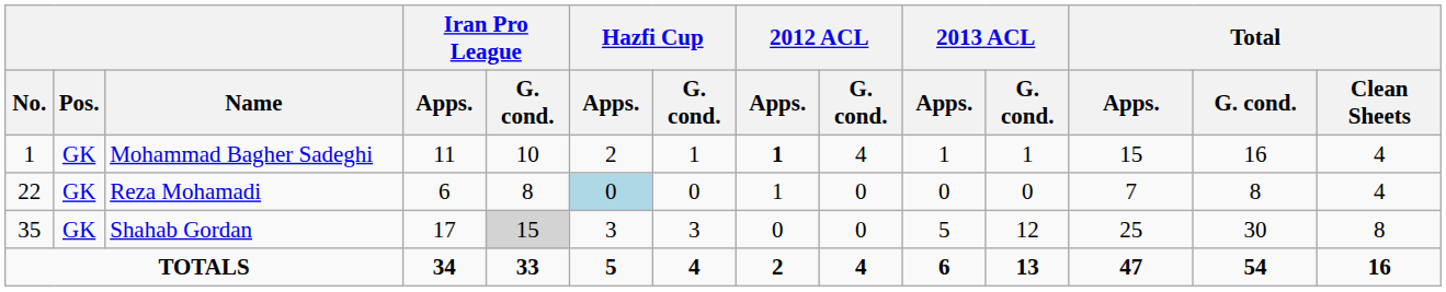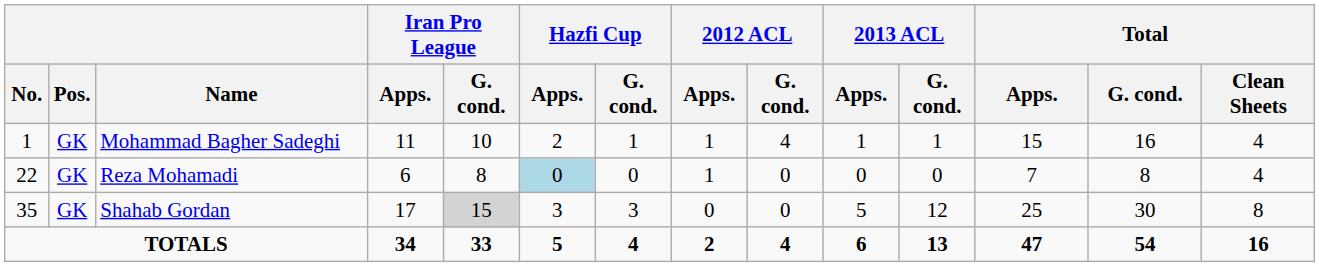 <table class="wikitable" style="font-size: 95%; text-align: center;">
 <tr>
 <th colspan=3></th>
 <th colspan=2><strong><a href='#'>Iran Pro League</a></strong></th>
 <th colspan=2><strong><a href='#'>Hazfi Cup</a></strong></th>
 <th colspan=2><strong><a href='#'>2012 ACL</a></strong></th>
 <th colspan=2><strong><a href='#'>2013 ACL</a></strong></th>
 <th colspan=3>Total</th>
 </tr>
 <tr>
 <th width=25>No.</th>
 <th width=25>Pos.</th>
 <th width=190>Name</th>
 <th width=48>Apps.</th>
 <th width=48>G. cond.</th>
 <th width=48>Apps.</th>
 <th width=48>G. cond.</th>
 <th width=48>Apps.</th>
 <th width=48>G. cond.</th>
 <th width=48>Apps.</th>
 <th width=48>G. cond.</th>
 <th width=75>Apps.</th>
 <th width=75>G. cond.</th>
 <th width=75>Clean Sheets</th>
 </tr>
 <tr>
 <td>1</td>
 <td><a href='#'>GK</a></td>
 <td align="left"> <a href='#'>Mohammad Bagher Sadeghi</a></td>
 <td>11</td>
 <td>10</td>
 <td>2</td>
 <td>1</td>
-<td><strong>1</strong></td>
+<td>1</td>
 <td>4</td>
 <td>1</td>
 <td>1</td>
 <td>15</td>
 <td>16</td>
 <td>4</td>
 </tr>
 <tr>
 <td>22</td>
 <td><a href='#'>GK</a></td>
 <td align="left"> <a href='#'>Reza Mohamadi</a></td>
 <td>6</td>
 <td>8</td>
 <td style="background: lightblue;">0</td>
 <td>0</td>
 <td>1</td>
 <td>0</td>
 <td>0</td>
 <td>0</td>
 <td>7</td>
 <td>8</td>
 <td>4</td>
 </tr>
 <tr>
 <td>35</td>
 <td><a href='#'>GK</a></td>
 <td align="left"> <a href='#'>Shahab Gordan</a></td>
 <td>17</td>
 <td style="background: lightgrey;">15</td>
 <td>3</td>
 <td>3</td>
 <td>0</td>
 <td>0</td>
 <td>5</td>
 <td>12</td>
 <td>25</td>
 <td>30</td>
 <td>8</td>
 </tr>
 <tr>
 <td colspan="3"><strong>TOTALS</strong></td>
 <td><strong>34</strong></td>
 <td><strong>33</strong></td>
 <td><strong>5</strong></td>
 <td><strong>4</strong></td>
 <td><strong>2</strong></td>
 <td><strong>4</strong></td>
 <td><strong>6</strong></td>
 <td><strong>13</strong></td>
 <td><strong>47</strong></td>
 <td><strong>54</strong></td>
 <td><strong>16</strong></td>
 </tr>
 </table>
